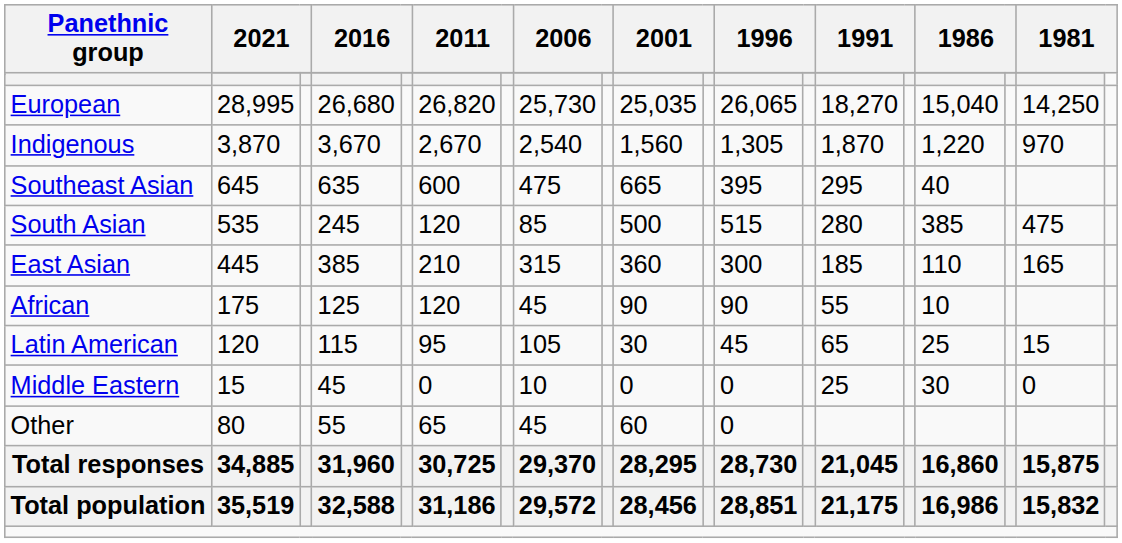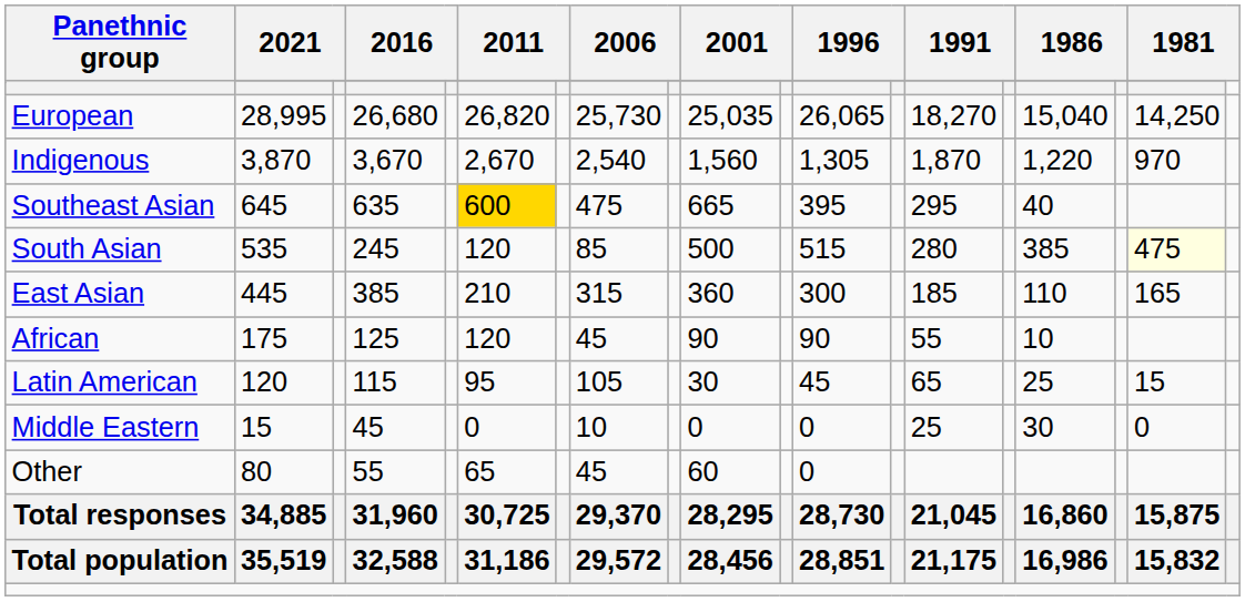 <table class="wikitable collapsible sortable">
 <tr>
 <th rowspan="2"><a href='#'>Panethnic</a><br>group</th>
 <th colspan="2">2021</th>
 <th colspan="2">2016</th>
 <th colspan="2">2011</th>
 <th colspan="2">2006</th>
 <th colspan="2">2001</th>
 <th colspan="2">1996</th>
 <th colspan="2">1991</th>
 <th colspan="2">1986</th>
 <th colspan="2">1981</th>
 </tr>
 <tr>
 </tr>
 <tr>
 <th><a href='#'></a></th>
 <th></th>
 <th></th>
 <th></th>
 <th></th>
 <th></th>
 <th></th>
 <th></th>
 <th></th>
 <th></th>
 <th></th>
 <th></th>
 <th></th>
 <th></th>
 <th></th>
 <th></th>
 <th></th>
 <th></th>
 </tr>
 <tr>
 <td><a href='#'>European</a></td>
 <td>28,995</td>
 <td></td>
 <td>26,680</td>
 <td></td>
 <td>26,820</td>
 <td></td>
 <td>25,730</td>
 <td></td>
 <td>25,035</td>
 <td></td>
 <td>26,065</td>
 <td></td>
 <td>18,270</td>
 <td></td>
 <td>15,040</td>
 <td></td>
 <td>14,250</td>
 <td></td>
 </tr>
 <tr>
 <td><a href='#'>Indigenous</a></td>
 <td>3,870</td>
 <td></td>
 <td>3,670</td>
 <td></td>
 <td>2,670</td>
 <td></td>
 <td>2,540</td>
 <td></td>
 <td>1,560</td>
 <td></td>
 <td>1,305</td>
 <td></td>
 <td>1,870</td>
 <td></td>
 <td>1,220</td>
 <td></td>
 <td>970</td>
 <td></td>
 </tr>
 <tr>
 <td><a href='#'>Southeast Asian</a></td>
 <td>645</td>
 <td></td>
 <td>635</td>
 <td></td>
-<td>600</td>
+<td style="background: gold;">600</td>
 <td></td>
 <td>475</td>
 <td></td>
 <td>665</td>
 <td></td>
 <td>395</td>
 <td></td>
 <td>295</td>
 <td></td>
 <td>40</td>
 <td></td>
 <td></td>
 <td></td>
 </tr>
 <tr>
 <td><a href='#'>South Asian</a></td>
 <td>535</td>
 <td></td>
 <td>245</td>
 <td></td>
 <td>120</td>
 <td></td>
 <td>85</td>
 <td></td>
 <td>500</td>
 <td></td>
 <td>515</td>
 <td></td>
 <td>280</td>
 <td></td>
 <td>385</td>
 <td></td>
-<td>475</td>
+<td style="background: lightyellow;">475</td>
 <td></td>
 </tr>
 <tr>
 <td><a href='#'>East Asian</a></td>
 <td>445</td>
 <td></td>
 <td>385</td>
 <td></td>
 <td>210</td>
 <td></td>
 <td>315</td>
 <td></td>
 <td>360</td>
 <td></td>
 <td>300</td>
 <td></td>
 <td>185</td>
 <td></td>
 <td>110</td>
 <td></td>
 <td>165</td>
 <td></td>
 </tr>
 <tr>
 <td><a href='#'>African</a></td>
 <td>175</td>
 <td></td>
 <td>125</td>
 <td></td>
 <td>120</td>
 <td></td>
 <td>45</td>
 <td></td>
 <td>90</td>
 <td></td>
 <td>90</td>
 <td></td>
 <td>55</td>
 <td></td>
 <td>10</td>
 <td></td>
 <td></td>
 <td></td>
 </tr>
 <tr>
 <td><a href='#'>Latin American</a></td>
 <td>120</td>
 <td></td>
 <td>115</td>
 <td></td>
 <td>95</td>
 <td></td>
 <td>105</td>
 <td></td>
 <td>30</td>
 <td></td>
 <td>45</td>
 <td></td>
 <td>65</td>
 <td></td>
 <td>25</td>
 <td></td>
 <td>15</td>
 <td></td>
 </tr>
 <tr>
 <td><a href='#'>Middle Eastern</a></td>
 <td>15</td>
 <td></td>
 <td>45</td>
 <td></td>
 <td>0</td>
 <td></td>
 <td>10</td>
 <td></td>
 <td>0</td>
 <td></td>
 <td>0</td>
 <td></td>
 <td>25</td>
 <td></td>
 <td>30</td>
 <td></td>
 <td>0</td>
 <td></td>
 </tr>
 <tr>
 <td>Other</td>
 <td>80</td>
 <td></td>
 <td>55</td>
 <td></td>
 <td>65</td>
 <td></td>
 <td>45</td>
 <td></td>
 <td>60</td>
 <td></td>
 <td>0</td>
 <td></td>
 <td></td>
 <td></td>
 <td></td>
 <td></td>
 <td></td>
 <td></td>
 </tr>
 <tr>
 <th>Total responses</th>
 <th>34,885</th>
 <th></th>
 <th>31,960</th>
 <th></th>
 <th>30,725</th>
 <th></th>
 <th>29,370</th>
 <th></th>
 <th>28,295</th>
 <th></th>
 <th>28,730</th>
 <th></th>
 <th>21,045</th>
 <th></th>
 <th>16,860</th>
 <th></th>
 <th>15,875</th>
 <th></th>
 </tr>
 <tr>
 <th>Total population</th>
 <th>35,519</th>
 <th></th>
 <th>32,588</th>
 <th></th>
 <th>31,186</th>
 <th></th>
 <th>29,572</th>
 <th></th>
 <th>28,456</th>
 <th></th>
 <th>28,851</th>
 <th></th>
 <th>21,175</th>
 <th></th>
 <th>16,986</th>
 <th></th>
 <th>15,832</th>
 <th></th>
 </tr>
 <tr class="sortbottom">
 <td colspan="20"></td>
 </tr>
 </table>
